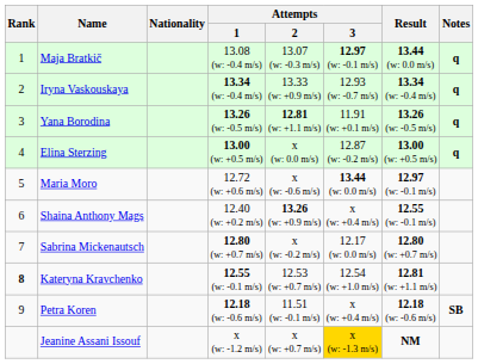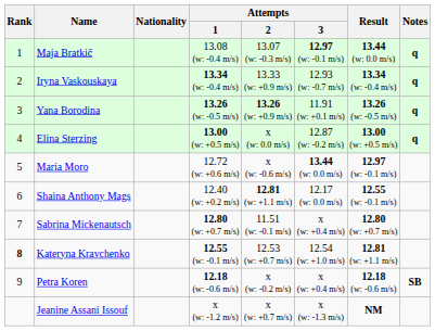 <table class="wikitable sortable" style="text-align:center">
 <tr>
 <th rowspan=2>Rank</th>
 <th rowspan=2>Name</th>
 <th rowspan=2>Nationality</th>
 <th colspan=3>Attempts</th>
 <th rowspan=2>Result</th>
 <th rowspan=2>Notes</th>
 </tr>
 <tr>
 <th>1</th>
 <th>2</th>
 <th>3</th>
 </tr>
 <tr bgcolor=ddffdd>
 <td>1</td>
 <td align=left><a href='#'>Maja Bratkič</a></td>
 <td align=left></td>
 <td>13.08 <br><small>(w: -0.4 m/s)</small></td>
 <td>13.07 <br><small>(w: -0.3 m/s)</small></td>
 <td><strong>12.97</strong> <br><small>(w: -0.1 m/s)</small></td>
 <td><strong>13.44</strong> <br><small>(w: 0.0 m/s)</small></td>
 <td><strong>q</strong></td>
 </tr>
 <tr bgcolor=ddffdd>
 <td>2</td>
 <td align=left><a href='#'>Iryna Vaskouskaya</a></td>
 <td align=left></td>
 <td><strong>13.34</strong> <br><small>(w: -0.4 m/s)</small></td>
 <td>13.33 <br><small>(w: +0.9 m/s)</small></td>
 <td>12.93 <br><small>(w: -0.7 m/s)</small></td>
 <td><strong>13.34</strong> <br><small>(w: -0.4 m/s)</small></td>
 <td><strong>q</strong></td>
 </tr>
 <tr bgcolor=ddffdd>
 <td>3</td>
 <td align=left><a href='#'>Yana Borodina</a></td>
 <td align=left></td>
 <td><strong>13.26</strong> <br><small>(w: -0.5 m/s)</small></td>
-<td><strong>12.81</strong> <br><small>(w: +1.1 m/s)</small></td>
+<td><strong>13.26</strong> <br><small>(w: +0.9 m/s)</small></td>
 <td>11.91 <br><small>(w: +0.1 m/s)</small></td>
 <td><strong>13.26</strong> <br><small>(w: -0.5 m/s)</small></td>
 <td><strong>q</strong></td>
 </tr>
 <tr bgcolor=ddffdd>
 <td>4</td>
 <td align=left><a href='#'>Elina Sterzing</a></td>
 <td align=left></td>
 <td><strong>13.00</strong> <br><small>(w: +0.5 m/s)</small></td>
 <td>x <br><small>(w: 0.0 m/s)</small></td>
 <td>12.87 <br><small>(w: -0.2 m/s)</small></td>
 <td><strong>13.00</strong> <br><small>(w: +0.5 m/s)</small></td>
 <td><strong>q</strong></td>
 </tr>
 <tr>
 <td>5</td>
 <td align=left><a href='#'>Maria Moro</a></td>
 <td align=left></td>
 <td>12.72 <br><small>(w: +0.6 m/s)</small></td>
 <td>x <br><small>(w: -0.6 m/s)</small></td>
 <td><strong>13.44</strong> <br><small>(w: 0.0 m/s)</small></td>
 <td><strong>12.97</strong> <br><small>(w: -0.1 m/s)</small></td>
 <td></td>
 </tr>
 <tr>
 <td>6</td>
 <td align=left><a href='#'>Shaina Anthony Mags</a></td>
 <td align=left></td>
 <td>12.40 <br><small>(w: +0.2 m/s)</small></td>
-<td><strong>13.26</strong> <br><small>(w: +0.9 m/s)</small></td>
-<td>x <br><small>(w: +0.4 m/s)</small></td>
+<td><strong>12.81</strong> <br><small>(w: +1.1 m/s)</small></td>
+<td>12.17 <br><small>(w: 0.0 m/s)</small></td>
 <td><strong>12.55</strong> <br><small>(w: -0.1 m/s)</small></td>
 <td></td>
 </tr>
 <tr>
 <td>7</td>
 <td align=left><a href='#'>Sabrina Mickenautsch</a></td>
 <td align=left></td>
 <td><strong>12.80</strong> <br><small>(w: +0.7 m/s)</small></td>
-<td>x <br><small>(w: -0.2 m/s)</small></td>
-<td>12.17 <br><small>(w: 0.0 m/s)</small></td>
+<td>11.51 <br><small>(w: -0.1 m/s)</small></td>
+<td>x <br><small>(w: +0.4 m/s)</small></td>
 <td><strong>12.80</strong> <br><small>(w: +0.7 m/s)</small></td>
 <td></td>
 </tr>
 <tr>
 <td><strong>8</strong></td>
 <td align=left><a href='#'>Kateryna Kravchenko</a></td>
 <td align=left></td>
 <td><strong>12.55</strong> <br><small>(w: -0.1 m/s)</small></td>
 <td>12.53 <br><small>(w: +0.7 m/s)</small></td>
 <td>12.54 <br><small>(w: +1.0 m/s)</small></td>
 <td><strong>12.81</strong> <br><small>(w: +1.1 m/s)</small></td>
 <td></td>
 </tr>
 <tr>
 <td>9</td>
 <td align=left><a href='#'>Petra Koren</a></td>
 <td align=left></td>
 <td><strong>12.18</strong> <br><small>(w: -0.6 m/s)</small></td>
-<td>11.51 <br><small>(w: -0.1 m/s)</small></td>
+<td>x <br><small>(w: -0.2 m/s)</small></td>
 <td>x <br><small>(w: +0.4 m/s)</small></td>
 <td><strong>12.18</strong> <br><small>(w: -0.6 m/s)</small></td>
 <td><strong>SB</strong></td>
 </tr>
 <tr>
 <td></td>
 <td align=left><a href='#'>Jeanine Assani Issouf</a></td>
 <td align=left></td>
 <td>x <br><small>(w: -1.2 m/s)</small></td>
 <td>x <br><small>(w: +0.7 m/s)</small></td>
-<td style="background: gold;">x <br><small>(w: -1.3 m/s)</small></td>
+<td>x <br><small>(w: -1.3 m/s)</small></td>
 <td><strong>NM</strong></td>
 <td></td>
 </tr>
 </table>
